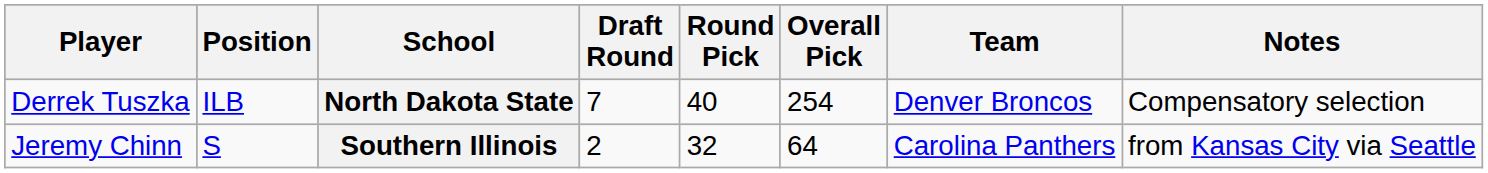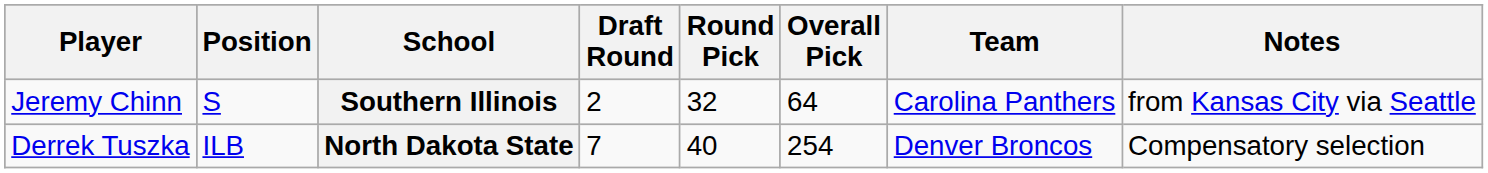 <table class="wikitable sortable" border="1">
 <tr>
 <th>Player</th>
 <th>Position</th>
 <th>School</th>
 <th>Draft<br>Round</th>
 <th>Round<br>Pick</th>
 <th>Overall<br>Pick</th>
 <th>Team</th>
 <th>Notes</th>
 </tr>
 <tr>
+<td><a href='#'>Jeremy Chinn</a></td>
+<td><a href='#'>S</a></td>
+<th>Southern Illinois</th>
+<td>2</td>
+<td>32</td>
+<td>64</td>
+<td><a href='#'>Carolina Panthers</a></td>
+<td>from <a href='#'>Kansas City</a> via <a href='#'>Seattle</a></td>
+</tr>
+<tr>
 <td><a href='#'>Derrek Tuszka</a></td>
 <td><a href='#'>ILB</a></td>
 <th>North Dakota State</th>
 <td>7</td>
 <td>40</td>
 <td>254</td>
 <td><a href='#'>Denver Broncos</a></td>
 <td>Compensatory selection</td>
 </tr>
-<tr>
-<td><a href='#'>Jeremy Chinn</a></td>
-<td><a href='#'>S</a></td>
-<th>Southern Illinois</th>
-<td>2</td>
-<td>32</td>
-<td>64</td>
-<td><a href='#'>Carolina Panthers</a></td>
-<td>from <a href='#'>Kansas City</a> via <a href='#'>Seattle</a></td>
-</tr>
 </table>
